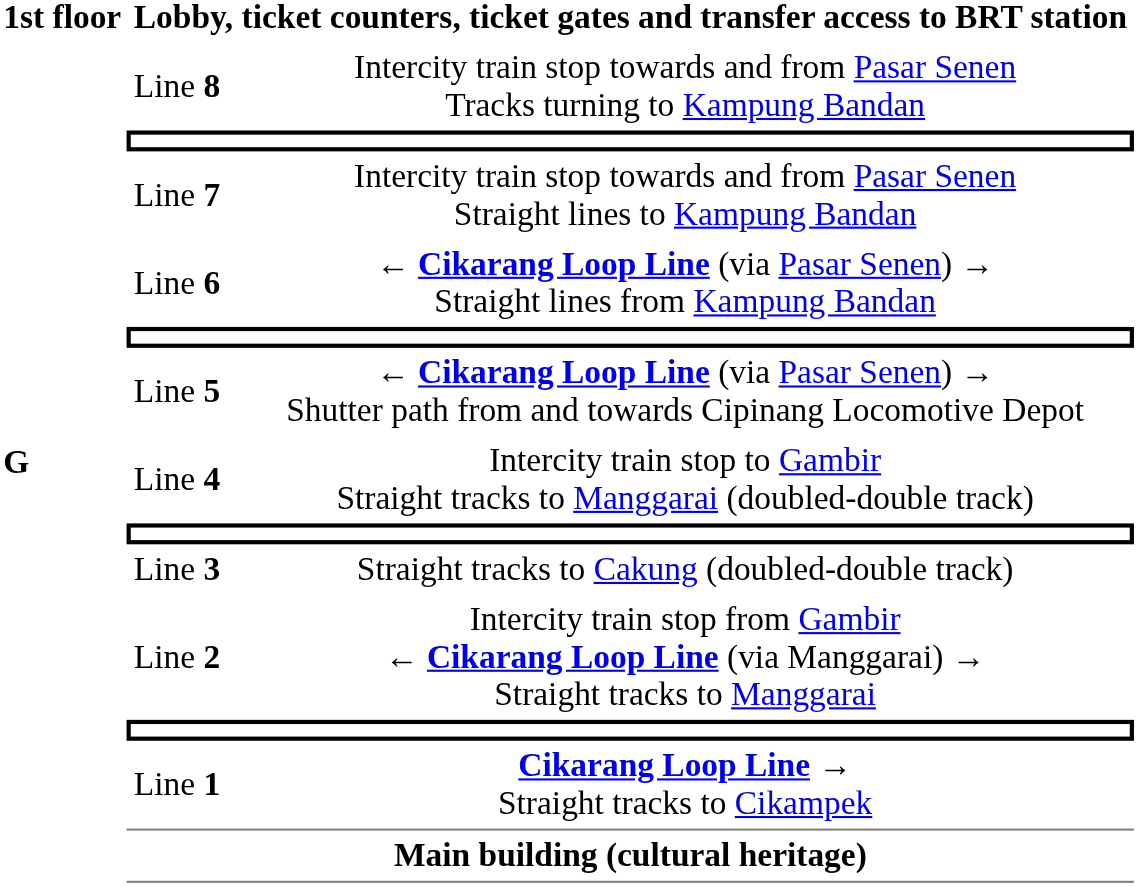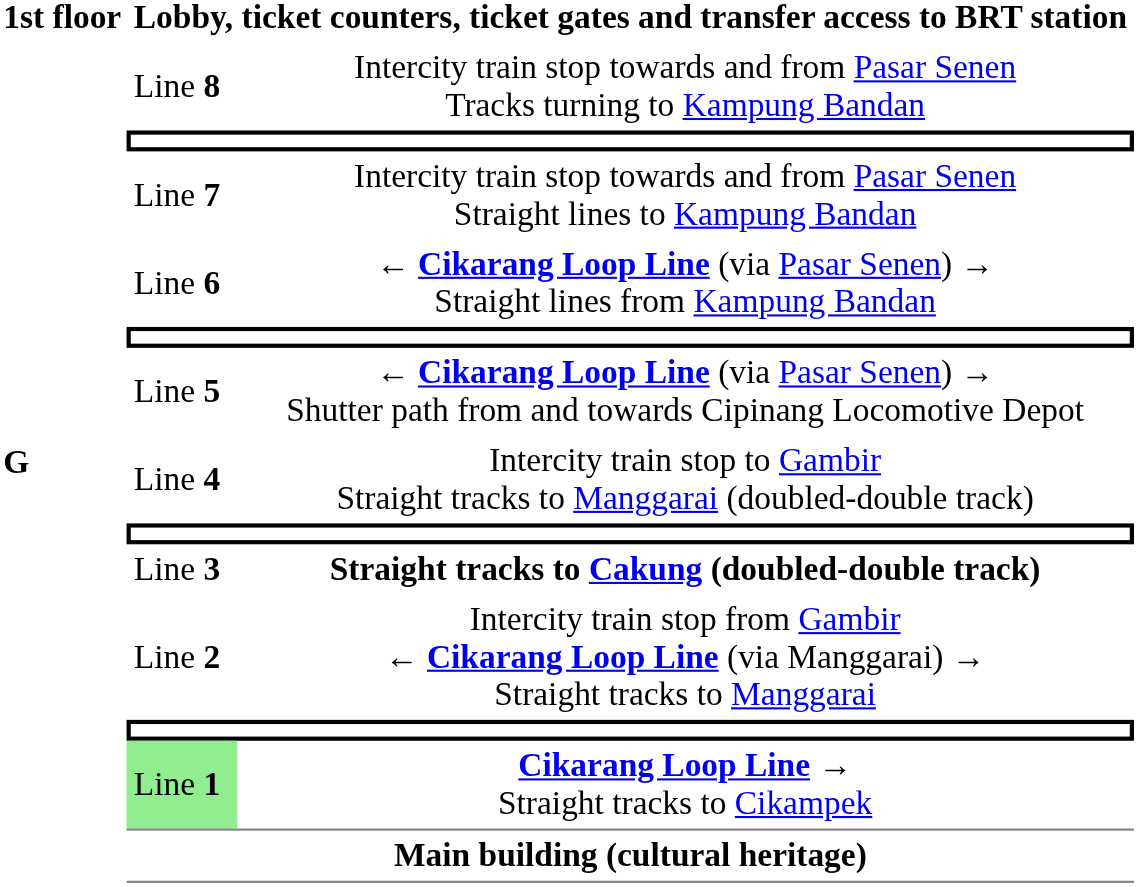 <table cellpadding="3" cellspacing="0">
 <tr>
 <td colspan="3">  </td>
 </tr>
 <tr>
 <td><strong>1st floor</strong></td>
 <td colspan="2"><strong>Lobby, ticket counters, ticket gates and transfer access to BRT station</strong></td>
 </tr>
 <tr>
 <td rowspan="13"><strong>G</strong></td>
 <td>Line <strong>8</strong></td>
 <td style="text-align:center"> Intercity train stop towards and from <a href='#'>Pasar Senen</a><br>Tracks turning to <a href='#'>Kampung Bandan</a></td>
 </tr>
 <tr>
 <td colspan="2" style="text-align:center; border:solid 2px black"></td>
 </tr>
 <tr>
 <td>Line <strong>7</strong></td>
 <td style="text-align:center"> Intercity train stop towards and from <a href='#'>Pasar Senen</a><br>Straight lines to <a href='#'>Kampung Bandan</a></td>
 </tr>
 <tr>
 <td>Line <strong>6</strong></td>
 <td style="text-align:center">←   <strong><a href='#'>Cikarang Loop Line</a></strong> (via <a href='#'>Pasar Senen</a>)  →<br>Straight lines from <a href='#'>Kampung Bandan</a></td>
 </tr>
 <tr>
 <td colspan="2" style="text-align:center; border:solid 2px black"></td>
 </tr>
 <tr>
 <td>Line <strong>5</strong></td>
 <td style="text-align:center">←   <a href='#'><strong>Cikarang Loop Line</strong></a> (via <a href='#'>Pasar Senen</a>)  →<br>Shutter path from and towards Cipinang Locomotive Depot</td>
 </tr>
 <tr>
 <td>Line <strong>4</strong></td>
 <td style="text-align:center"> Intercity train stop to <a href='#'>Gambir</a><br>Straight tracks to <a href='#'>Manggarai</a> (doubled-double track)</td>
 </tr>
 <tr>
 <td colspan="2" style="text-align:center; border:solid 2px black"></td>
 </tr>
 <tr>
 <td>Line <strong>3</strong></td>
-<td style="text-align:center">Straight tracks to <a href='#'>Cakung</a> (doubled-double track)</td>
+<td style="text-align:center"><strong>Straight tracks to <a href='#'>Cakung</a> (doubled-double track)</strong></td>
 </tr>
 <tr>
 <td>Line <strong>2</strong></td>
 <td style="text-align:center"> Intercity train stop from <a href='#'>Gambir</a><br>←    <a href='#'><strong>Cikarang Loop Line</strong></a> (via Manggarai)  →<br>Straight tracks to <a href='#'>Manggarai</a></td>
 </tr>
 <tr>
 <td colspan="2" style="text-align:center; border:solid 2px black"></td>
 </tr>
 <tr>
-<td>Line <strong>1</strong></td>
+<td style="background: lightgreen;">Line <strong>1</strong></td>
 <td style="text-align:center"> <a href='#'><strong>Cikarang Loop Line</strong></a>  →<br>Straight tracks to <a href='#'>Cikampek</a></td>
 </tr>
 <tr>
 <td colspan="2" style="border-top:solid 1px gray;border-bottom:solid 1px gray;text-align:center"><strong>Main building (cultural heritage)</strong></td>
 </tr>
 </table>
